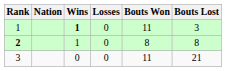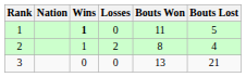 <table class="wikitable sortable" style="text-align:center">
 <tr>
 <th>Rank</th>
 <th>Nation</th>
 <th>Wins</th>
 <th>Losses</th>
 <th>Bouts Won</th>
 <th>Bouts Lost</th>
 </tr>
 <tr style="background:#cfc;">
 <td>1</td>
 <td align=left></td>
 <td><strong>1</strong></td>
 <td>0</td>
 <td>11</td>
-<td>3</td>
+<td>5</td>
 </tr>
 <tr style= "background:#cfc;">
-<td><strong>2</strong></td>
+<td>2</td>
 <td align=left></td>
 <td>1</td>
-<td>0</td>
+<td>2</td>
 <td>8</td>
-<td>8</td>
+<td>4</td>
 </tr>
 <tr>
 <td>3</td>
 <td align=left></td>
 <td>0</td>
 <td>0</td>
-<td>11</td>
+<td>13</td>
 <td>21</td>
 </tr>
 </table>
